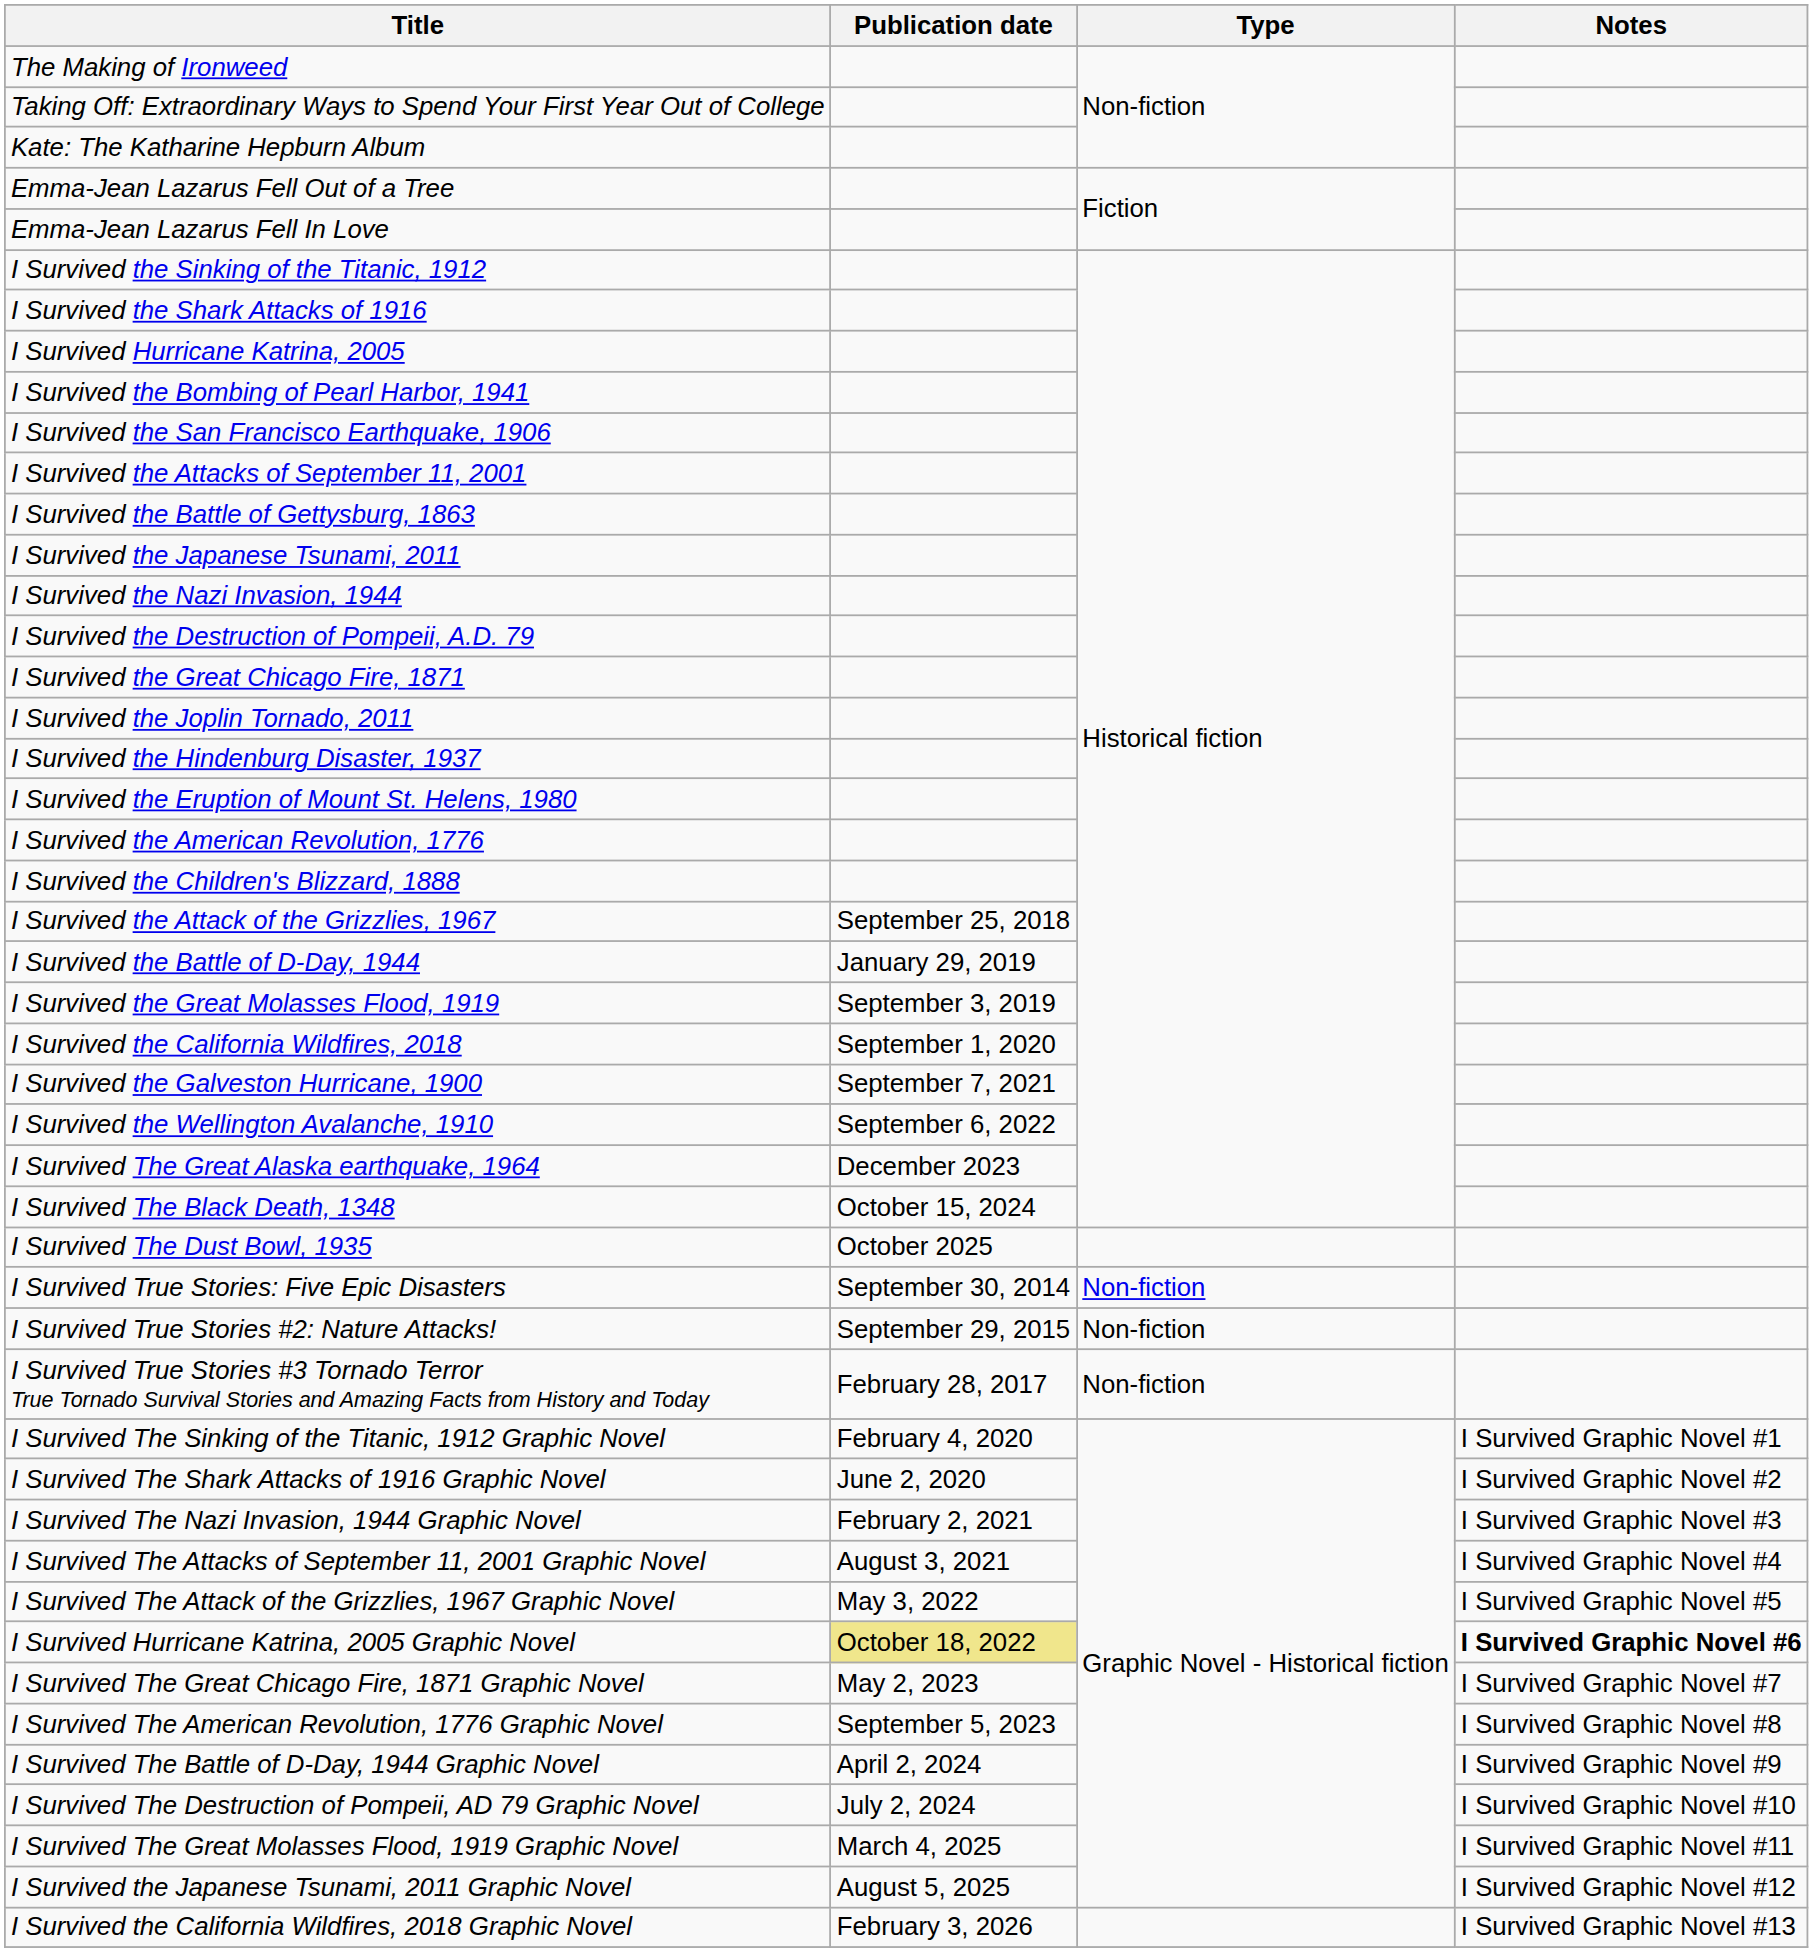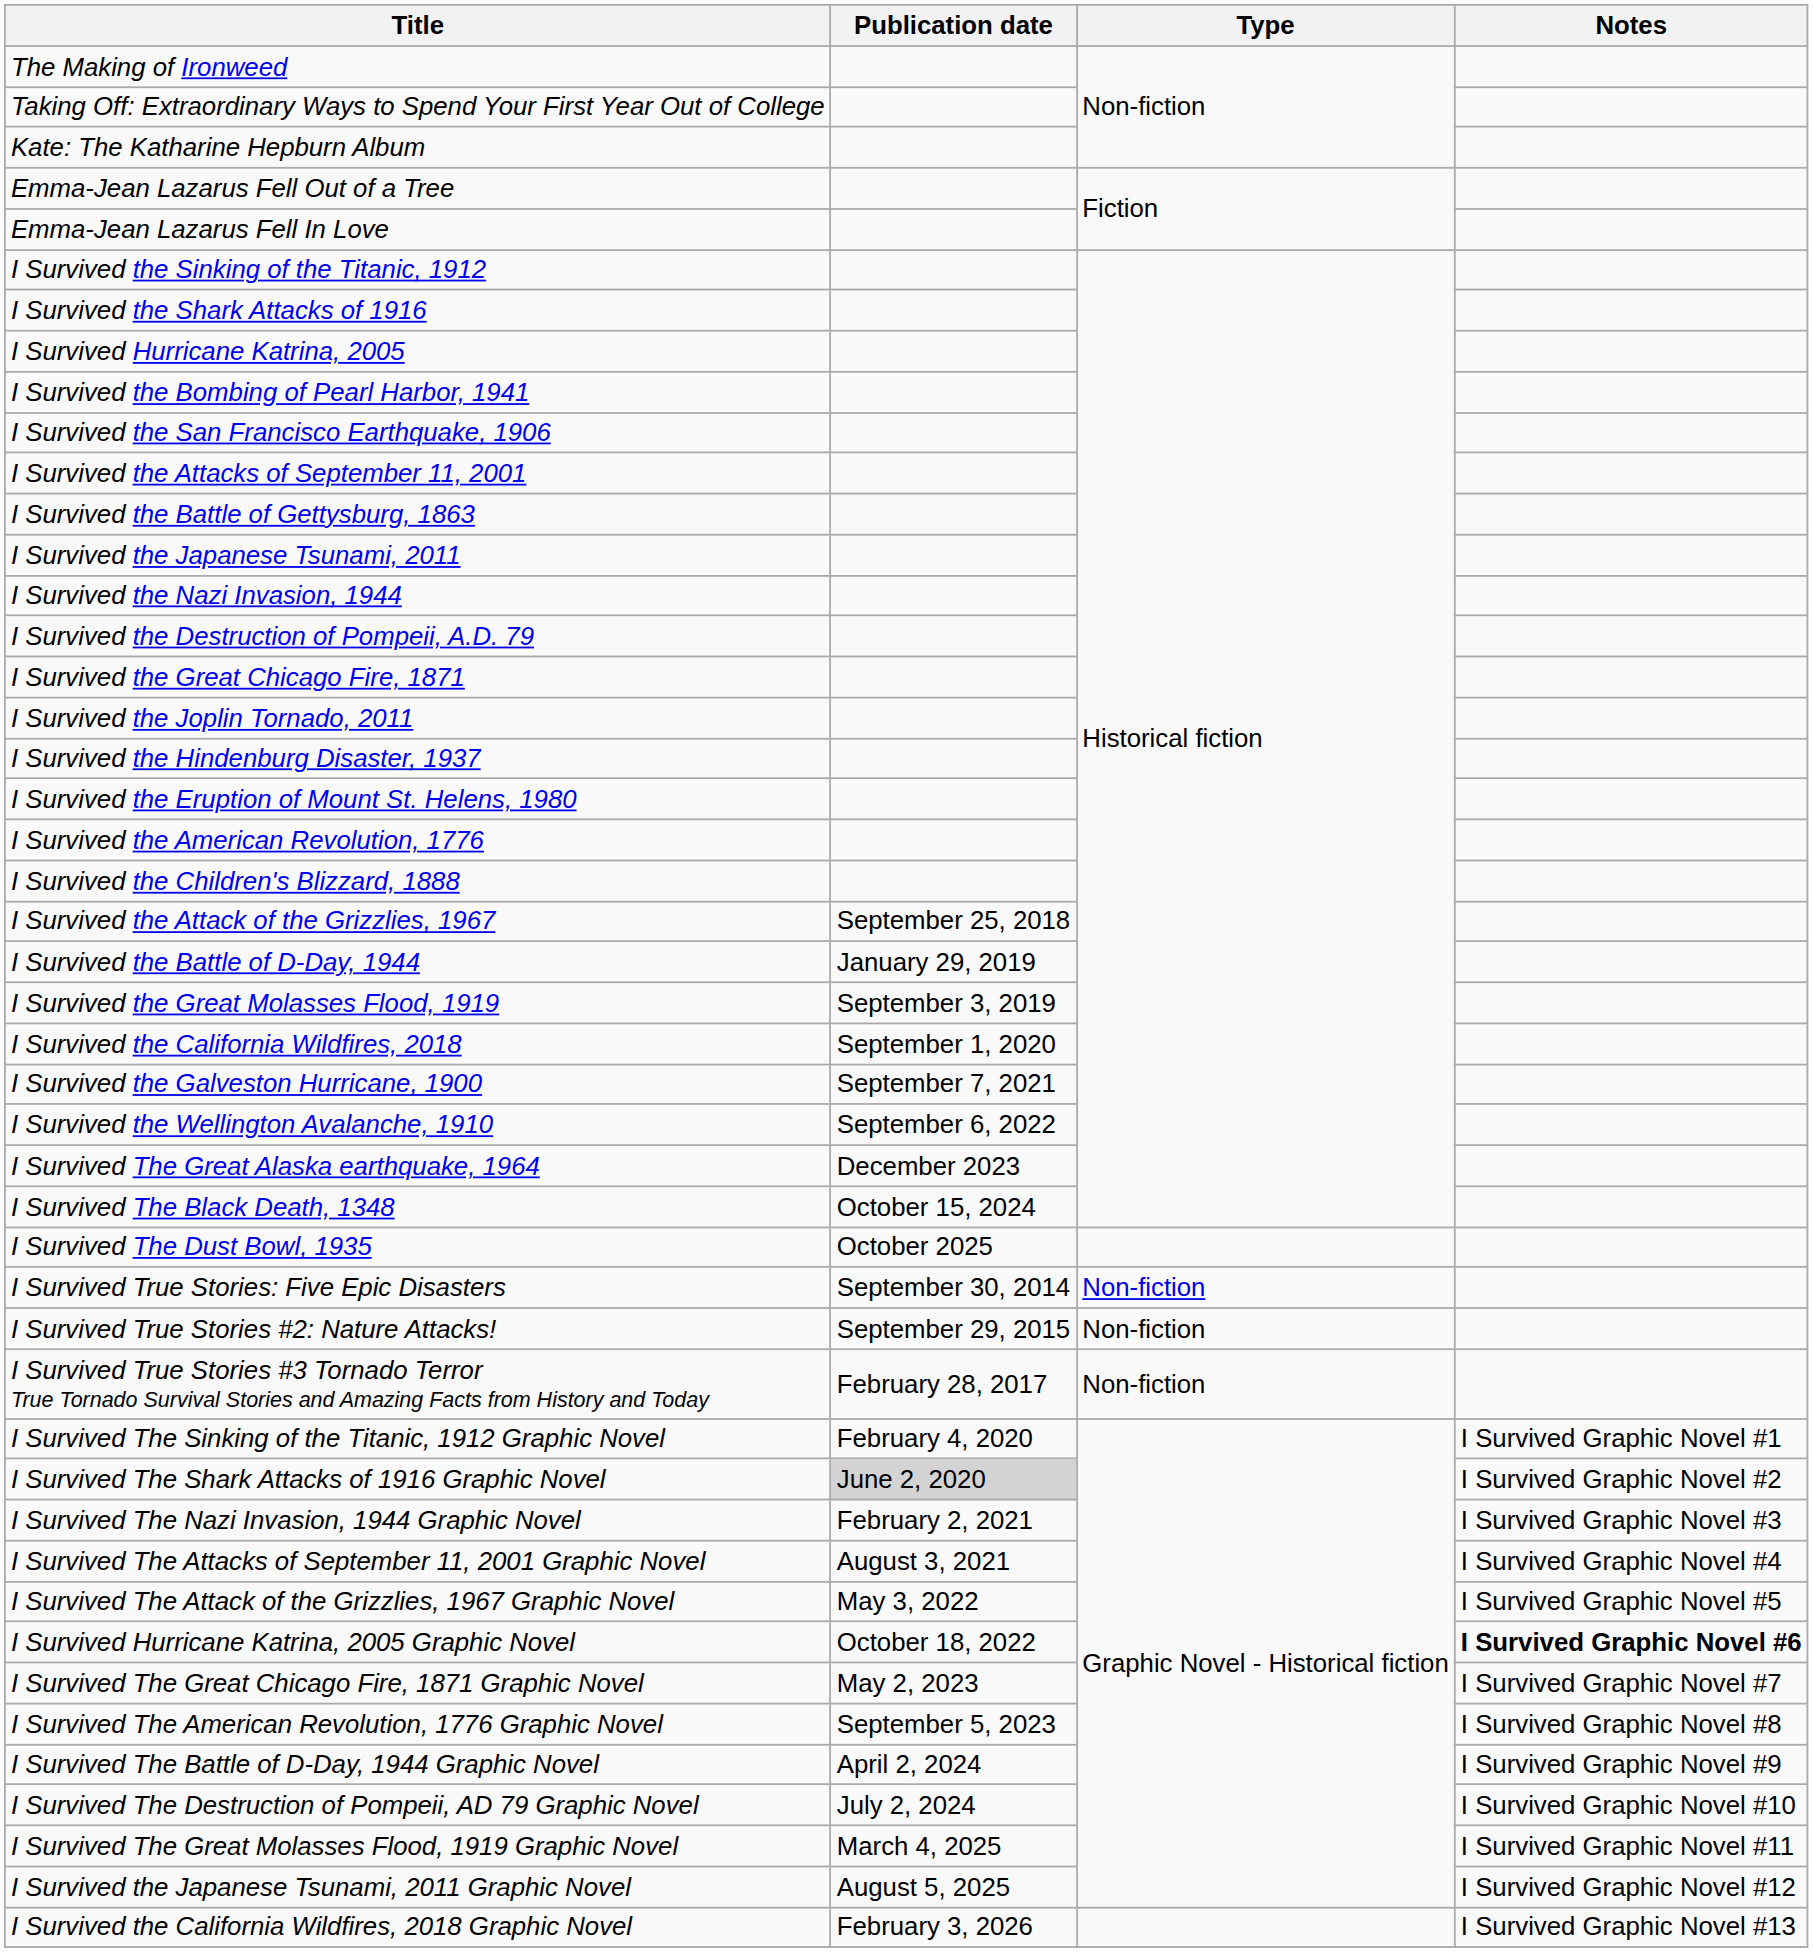 <table class="wikitable sortable" style="font-size:90%; text-align:left">
 <tr>
 <th>Title</th>
 <th>Publication date</th>
 <th>Type</th>
 <th>Notes</th>
 </tr>
 <tr>
 <td><em>The Making of <a href='#'>Ironweed</a></em></td>
 <td></td>
 <td rowspan="3">Non-fiction</td>
 <td></td>
 </tr>
 <tr>
 <td><em>Taking Off: Extraordinary Ways to Spend Your First Year Out of College</em></td>
 <td></td>
 <td></td>
 </tr>
 <tr>
 <td><em>Kate: The Katharine Hepburn Album</em></td>
 <td></td>
 <td></td>
 </tr>
 <tr>
 <td><em>Emma-Jean Lazarus Fell Out of a Tree</em></td>
 <td></td>
 <td rowspan="2">Fiction</td>
 <td></td>
 </tr>
 <tr>
 <td><em>Emma-Jean Lazarus Fell In Love</em></td>
 <td></td>
 <td></td>
 </tr>
 <tr>
 <td><em>I Survived <a href='#'>the Sinking of the Titanic, 1912</a></em></td>
 <td></td>
 <td rowspan="24">Historical fiction</td>
 <td></td>
 </tr>
 <tr>
 <td><em>I Survived <a href='#'>the Shark Attacks of 1916</a></em></td>
 <td></td>
 <td></td>
 </tr>
 <tr>
 <td><em>I Survived <a href='#'>Hurricane Katrina, 2005</a></em></td>
 <td></td>
 <td></td>
 </tr>
 <tr>
 <td><em>I Survived <a href='#'>the Bombing of Pearl Harbor, 1941</a></em></td>
 <td></td>
 <td></td>
 </tr>
 <tr>
 <td><em>I Survived <a href='#'>the San Francisco Earthquake, 1906</a></em></td>
 <td></td>
 <td></td>
 </tr>
 <tr>
 <td><em>I Survived <a href='#'>the Attacks of September 11, 2001</a></em></td>
 <td></td>
 <td></td>
 </tr>
 <tr>
 <td><em>I Survived <a href='#'>the Battle of Gettysburg, 1863</a></em></td>
 <td></td>
 <td></td>
 </tr>
 <tr>
 <td><em>I Survived <a href='#'>the Japanese Tsunami, 2011</a></em></td>
 <td></td>
 <td></td>
 </tr>
 <tr>
 <td><em>I Survived <a href='#'>the Nazi Invasion, 1944</a></em></td>
 <td></td>
 <td></td>
 </tr>
 <tr>
 <td><em>I Survived <a href='#'>the Destruction of Pompeii, A.D. 79</a></em></td>
 <td></td>
 <td></td>
 </tr>
 <tr>
 <td><em>I Survived <a href='#'>the Great Chicago Fire, 1871</a></em></td>
 <td></td>
 <td></td>
 </tr>
 <tr>
 <td><em>I Survived <a href='#'>the Joplin Tornado, 2011</a></em></td>
 <td></td>
 <td></td>
 </tr>
 <tr>
 <td><em>I Survived <a href='#'>the Hindenburg Disaster, 1937</a></em></td>
 <td></td>
 <td></td>
 </tr>
 <tr>
 <td><em>I Survived <a href='#'>the Eruption of Mount St. Helens, 1980</a></em></td>
 <td></td>
 <td></td>
 </tr>
 <tr>
 <td><em>I Survived <a href='#'>the American Revolution, 1776</a></em></td>
 <td></td>
 <td></td>
 </tr>
 <tr>
 <td><em>I Survived <a href='#'>the Children's Blizzard, 1888</a></em></td>
 <td></td>
 <td></td>
 </tr>
 <tr>
 <td><em>I Survived <a href='#'>the Attack of the Grizzlies, 1967</a></em></td>
 <td>September 25, 2018</td>
 <td></td>
 </tr>
 <tr>
 <td><em>I Survived <a href='#'>the Battle of D-Day, 1944</a></em></td>
 <td>January 29, 2019</td>
 <td></td>
 </tr>
 <tr>
 <td><em>I Survived <a href='#'>the Great Molasses Flood, 1919</a></em></td>
 <td>September 3, 2019</td>
 <td></td>
 </tr>
 <tr>
 <td><em>I Survived <a href='#'>the California Wildfires, 2018</a></em></td>
 <td>September 1, 2020</td>
 <td></td>
 </tr>
 <tr>
 <td><em>I Survived <a href='#'>the Galveston Hurricane, 1900</a></em></td>
 <td>September 7, 2021</td>
 <td></td>
 </tr>
 <tr>
 <td><em>I Survived <a href='#'>the Wellington Avalanche, 1910</a></em></td>
 <td>September 6, 2022</td>
 <td></td>
 </tr>
 <tr>
 <td><em>I Survived <a href='#'>The Great Alaska earthquake, 1964</a></em></td>
 <td>December 2023</td>
 <td></td>
 </tr>
 <tr>
 <td><em>I Survived <a href='#'>The Black Death, 1348</a></em></td>
 <td>October 15, 2024</td>
 <td></td>
 </tr>
 <tr>
 <td><em>I Survived <a href='#'>The Dust Bowl, 1935</a></em></td>
 <td>October 2025</td>
 <td></td>
 </tr>
 <tr>
 <td><em>I Survived True Stories: Five Epic Disasters</em></td>
 <td>September 30, 2014</td>
 <td><a href='#'>Non-fiction</a></td>
 <td></td>
 </tr>
 <tr>
 <td><em>I Survived True Stories #2: Nature Attacks!</em></td>
 <td>September 29, 2015</td>
 <td>Non-fiction</td>
 <td></td>
 </tr>
 <tr>
 <td><em>I Survived True Stories #3 Tornado Terror</em><br><em><small>True Tornado Survival Stories and Amazing Facts from History and Today</small></em></td>
 <td>February 28, 2017</td>
 <td>Non-fiction</td>
 <td></td>
 </tr>
 <tr>
 <td><em>I Survived The Sinking of the Titanic, 1912 Graphic Novel</em> </td>
 <td>February 4, 2020</td>
 <td rowspan="12">Graphic Novel - Historical fiction</td>
 <td>I Survived Graphic Novel #1</td>
 </tr>
 <tr>
 <td><em>I Survived The Shark Attacks of 1916 Graphic Novel</em> </td>
-<td>June 2, 2020</td>
+<td style="background: lightgrey;">June 2, 2020</td>
 <td>I Survived Graphic Novel #2</td>
 </tr>
 <tr>
 <td><em>I Survived The Nazi Invasion, 1944 Graphic Novel</em> </td>
 <td>February 2, 2021</td>
 <td>I Survived Graphic Novel #3</td>
 </tr>
 <tr>
 <td><em>I Survived The Attacks of September 11, 2001 Graphic Novel </em></td>
 <td>August 3, 2021</td>
 <td>I Survived Graphic Novel #4</td>
 </tr>
 <tr>
 <td><em>I Survived The Attack of the Grizzlies, 1967 Graphic Novel</em> </td>
 <td>May 3, 2022</td>
 <td>I Survived Graphic Novel #5</td>
 </tr>
 <tr>
 <td><em>I Survived Hurricane Katrina, 2005 Graphic Novel</em> </td>
-<td style="background: khaki;">October 18, 2022</td>
+<td>October 18, 2022</td>
 <td><strong>I Survived Graphic Novel #6</strong></td>
 </tr>
 <tr>
 <td><em>I Survived The Great Chicago Fire, 1871 Graphic Novel</em> </td>
 <td>May 2, 2023</td>
 <td>I Survived Graphic Novel #7</td>
 </tr>
 <tr>
 <td><em>I Survived The American Revolution, 1776 Graphic Novel</em> </td>
 <td>September 5, 2023</td>
 <td>I Survived Graphic Novel #8</td>
 </tr>
 <tr>
 <td><em>I Survived The Battle of D-Day, 1944 Graphic Novel</em> </td>
 <td>April 2, 2024</td>
 <td>I Survived Graphic Novel #9</td>
 </tr>
 <tr>
 <td><em>I Survived The Destruction of Pompeii, AD 79 Graphic Novel</em> </td>
 <td>July 2, 2024</td>
 <td>I Survived Graphic Novel #10</td>
 </tr>
 <tr>
 <td><em>I Survived The Great Molasses Flood, 1919 Graphic Novel</em> </td>
 <td>March 4, 2025</td>
 <td>I Survived Graphic Novel #11</td>
 </tr>
 <tr>
 <td><em>I Survived the Japanese Tsunami, 2011 Graphic Novel</em> </td>
 <td>August 5, 2025</td>
 <td>I Survived Graphic Novel #12</td>
 </tr>
 <tr>
 <td><em>I Survived the California Wildfires, 2018 Graphic Novel</em> </td>
 <td>February 3, 2026</td>
 <td></td>
 <td>I Survived Graphic Novel #13</td>
 </tr>
 </table>
